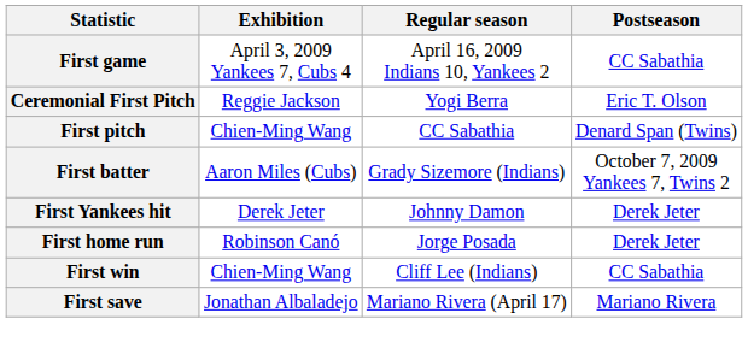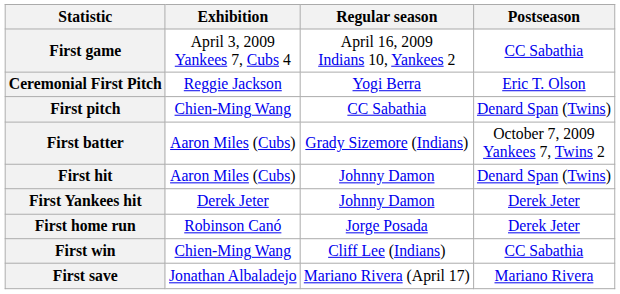 <table class="wikitable" align=center style="margin-left:15px; text-align:center; background:#ffffff;">
 <tr>
 <th scope="col">Statistic</th>
 <th scope="col">Exhibition</th>
 <th scope="col">Regular season</th>
 <th scope="col">Postseason</th>
 </tr>
 <tr>
 <th>First game</th>
 <td>April 3, 2009<br><a href='#'>Yankees</a> 7, <a href='#'>Cubs</a> 4</td>
 <td>April 16, 2009<br><a href='#'>Indians</a> 10, <a href='#'>Yankees</a> 2</td>
 <td><a href='#'>CC Sabathia</a></td>
 </tr>
 <tr>
 <th scope"row">Ceremonial First Pitch</th>
 <td><a href='#'>Reggie Jackson</a></td>
 <td><a href='#'>Yogi Berra</a></td>
 <td><a href='#'>Eric T. Olson</a></td>
 </tr>
 <tr>
 <th scope"row">First pitch</th>
 <td><a href='#'>Chien-Ming Wang</a></td>
 <td><a href='#'>CC Sabathia</a></td>
 <td><a href='#'>Denard Span</a> (<a href='#'>Twins</a>)</td>
 </tr>
 <tr>
 <th scope"row">First batter</th>
 <td><a href='#'>Aaron Miles</a> (<a href='#'>Cubs</a>)</td>
 <td><a href='#'>Grady Sizemore</a> (<a href='#'>Indians</a>)</td>
 <td>October 7, 2009<br><a href='#'>Yankees</a> 7, <a href='#'>Twins</a> 2</td>
 </tr>
 <tr>
+<th scope"row">First hit</th>
+<td><a href='#'>Aaron Miles</a> (<a href='#'>Cubs</a>)</td>
+<td><a href='#'>Johnny Damon</a></td>
+<td><a href='#'>Denard Span</a> (<a href='#'>Twins</a>)</td>
+</tr>
+<tr>
 <th scope"row">First Yankees hit</th>
 <td><a href='#'>Derek Jeter</a></td>
 <td><a href='#'>Johnny Damon</a></td>
 <td><a href='#'>Derek Jeter</a></td>
 </tr>
 <tr>
 <th scope"row">First home run</th>
 <td><a href='#'>Robinson Canó</a></td>
 <td><a href='#'>Jorge Posada</a></td>
 <td><a href='#'>Derek Jeter</a></td>
 </tr>
 <tr>
 <th scope"row">First win</th>
 <td><a href='#'>Chien-Ming Wang</a></td>
 <td><a href='#'>Cliff Lee</a> (<a href='#'>Indians</a>)</td>
 <td><a href='#'>CC Sabathia</a></td>
 </tr>
 <tr>
 <th scope"row">First save</th>
 <td><a href='#'>Jonathan Albaladejo</a></td>
 <td><a href='#'>Mariano Rivera</a> (April 17)</td>
 <td><a href='#'>Mariano Rivera</a></td>
 </tr>
 </table>
